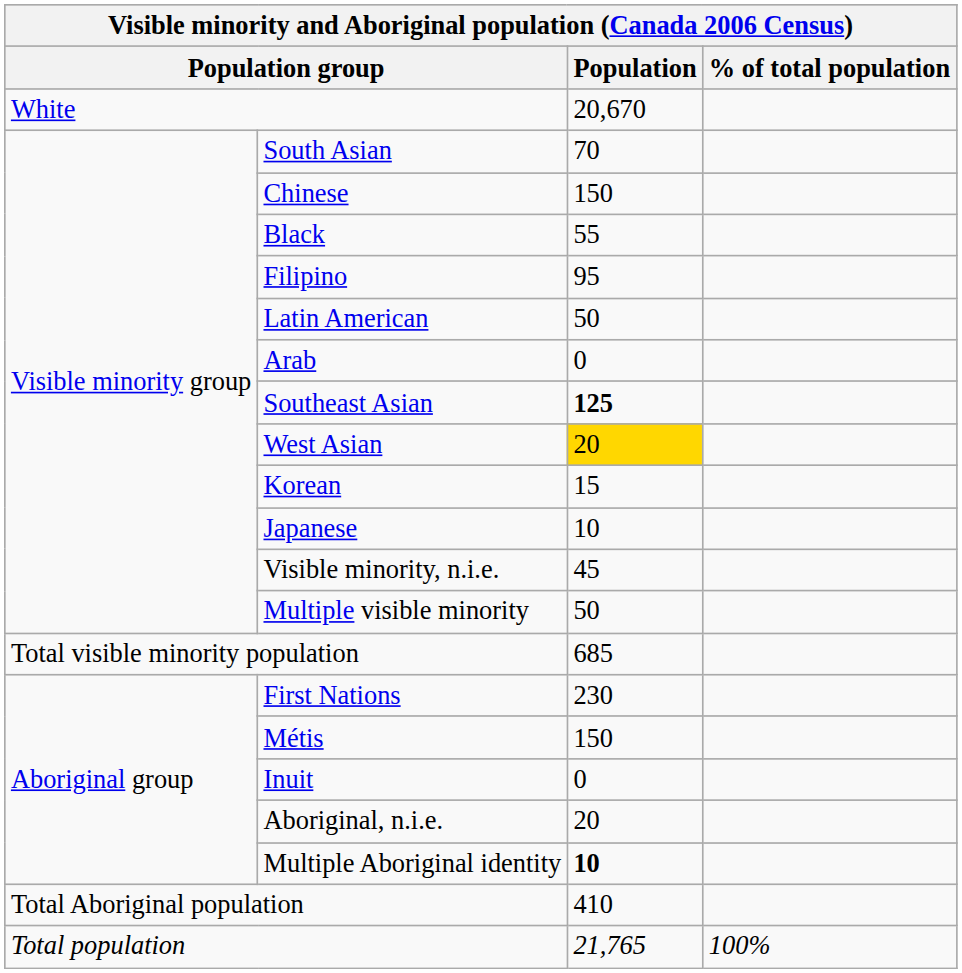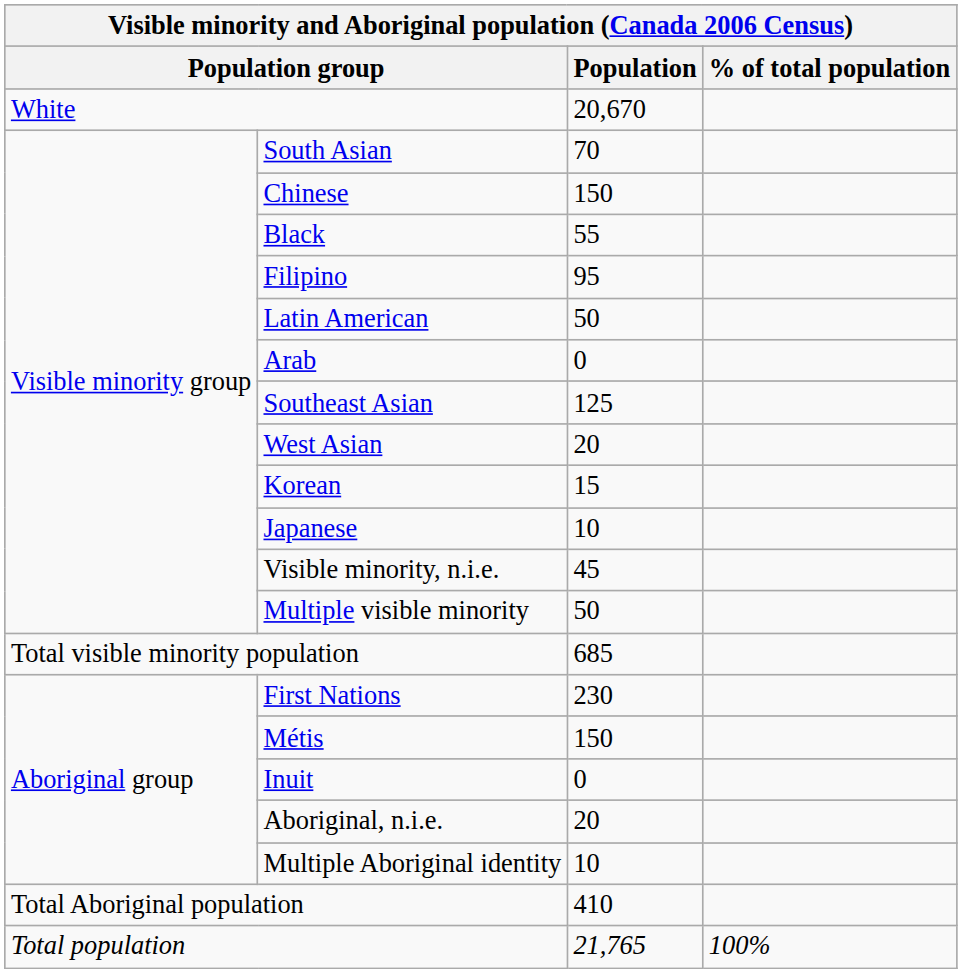 <table class="wikitable">
 <tr>
 <th colspan=4>Visible minority and Aboriginal population (<a href='#'>Canada 2006 Census</a>)</th>
 </tr>
 <tr>
 <th colspan="2">Population group</th>
 <th>Population</th>
 <th>% of total population</th>
 </tr>
 <tr>
 <td colspan="2"><a href='#'>White</a></td>
 <td>20,670</td>
 <td></td>
 </tr>
 <tr>
 <td rowspan="12"><a href='#'>Visible minority</a> group</td>
 <td><a href='#'>South Asian</a></td>
 <td>70</td>
 <td></td>
 </tr>
 <tr>
 <td><a href='#'>Chinese</a></td>
 <td>150</td>
 <td></td>
 </tr>
 <tr>
 <td><a href='#'>Black</a></td>
 <td>55</td>
 <td></td>
 </tr>
 <tr>
 <td><a href='#'>Filipino</a></td>
 <td>95</td>
 <td></td>
 </tr>
 <tr>
 <td><a href='#'>Latin American</a></td>
 <td>50</td>
 <td></td>
 </tr>
 <tr>
 <td><a href='#'>Arab</a></td>
 <td>0</td>
 <td></td>
 </tr>
 <tr>
 <td><a href='#'>Southeast Asian</a></td>
-<td><strong>125</strong></td>
+<td>125</td>
 <td></td>
 </tr>
 <tr>
 <td><a href='#'>West Asian</a></td>
-<td style="background: gold;">20</td>
+<td>20</td>
 <td></td>
 </tr>
 <tr>
 <td><a href='#'>Korean</a></td>
 <td>15</td>
 <td></td>
 </tr>
 <tr>
 <td><a href='#'>Japanese</a></td>
 <td>10</td>
 <td></td>
 </tr>
 <tr>
 <td>Visible minority, n.i.e.</td>
 <td>45</td>
 <td></td>
 </tr>
 <tr>
 <td><a href='#'>Multiple</a> visible minority</td>
 <td>50</td>
 <td></td>
 </tr>
 <tr>
 <td colspan="2">Total visible minority population</td>
 <td>685</td>
 <td></td>
 </tr>
 <tr>
 <td rowspan="5"><a href='#'>Aboriginal</a> group</td>
 <td><a href='#'>First Nations</a></td>
 <td>230</td>
 <td></td>
 </tr>
 <tr>
 <td><a href='#'>Métis</a></td>
 <td>150</td>
 <td></td>
 </tr>
 <tr>
 <td><a href='#'>Inuit</a></td>
 <td>0</td>
 <td></td>
 </tr>
 <tr>
 <td>Aboriginal, n.i.e.</td>
 <td>20</td>
 <td></td>
 </tr>
 <tr>
 <td>Multiple Aboriginal identity</td>
-<td><strong>10</strong></td>
+<td>10</td>
 <td></td>
 </tr>
 <tr>
 <td colspan="2">Total Aboriginal population</td>
 <td>410</td>
 <td></td>
 </tr>
 <tr>
 <td colspan="2"><em>Total population</em></td>
 <td><em>21,765</em></td>
 <td><em>100%</em></td>
 </tr>
 </table>
